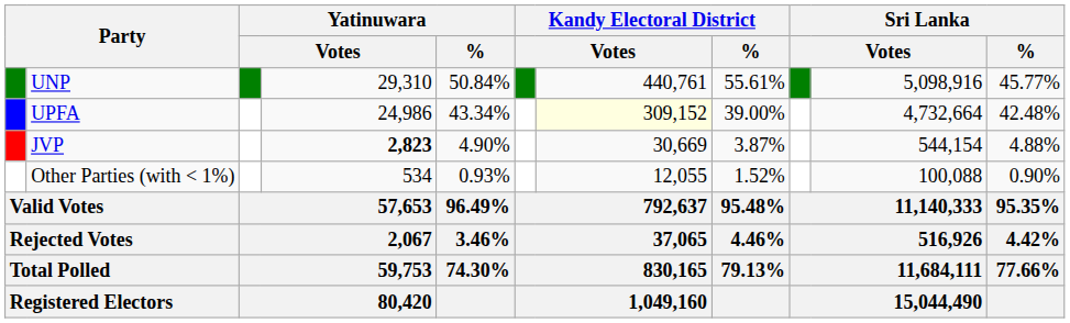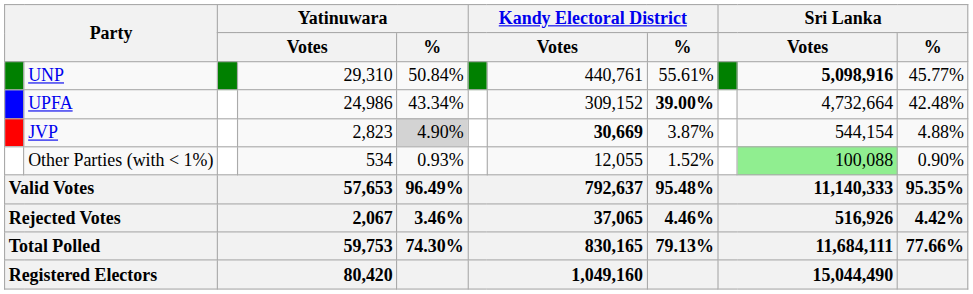 <table class="wikitable">
 <tr>
 <th colspan="2" width="144px"rowspan="2">Party</th>
 <th colspan="3" width="216px">Yatinuwara</th>
 <th colspan="3" width="216px"><a href='#'>Kandy Electoral District</a></th>
 <th colspan="3" width="216px">Sri Lanka</th>
 </tr>
 <tr>
 <th colspan="2" width="144px">Votes</th>
 <th>%</th>
 <th colspan="2" width="144px">Votes</th>
 <th>%</th>
 <th colspan="2" width="144px">Votes</th>
 <th>%</th>
 </tr>
 <tr>
 <td style="background-color:green;" width="10px"></td>
 <td style="text-align:left;"><a href='#'>UNP</a></td>
 <td style="background-color:green;" width="10px"></td>
 <td style="text-align:right;">29,310</td>
 <td style="text-align:right;">50.84%</td>
 <td style="background-color:green;" width="10px"></td>
 <td style="text-align:right;">440,761</td>
 <td style="text-align:right;">55.61%</td>
 <td style="background-color:green;" width="10px"></td>
-<td style="text-align:right;">5,098,916</td>
+<td style="text-align:right;"><strong>5,098,916</strong></td>
 <td style="text-align:right;">45.77%</td>
 </tr>
 <tr>
 <td style="background-color:blue;" width="10px"></td>
 <td style="text-align:left;"><a href='#'>UPFA</a></td>
 <td style="background-color:white;" width="10px"></td>
 <td style="text-align:right;">24,986</td>
 <td style="text-align:right;">43.34%</td>
 <td style="background-color:white;" width="10px"></td>
-<td style="background: lightyellow; text-align:right;">309,152</td>
-<td style="text-align:right;">39.00%</td>
+<td style="text-align:right;">309,152</td>
+<td style="text-align:right;"><strong>39.00%</strong></td>
 <td style="background-color:white;" width="10px"></td>
 <td style="text-align:right;">4,732,664</td>
 <td style="text-align:right;">42.48%</td>
 </tr>
 <tr>
 <td style="background-color:red;" width="10px"></td>
 <td style="text-align:left;"><a href='#'>JVP</a></td>
 <td style="background-color:white;" width="10px"></td>
-<td style="text-align:right;"><strong>2,823</strong></td>
-<td style="text-align:right;">4.90%</td>
+<td style="text-align:right;">2,823</td>
+<td style="background: lightgrey; text-align:right;">4.90%</td>
 <td style="background-color:white;" width="10px"></td>
-<td style="text-align:right;">30,669</td>
+<td style="text-align:right;"><strong>30,669</strong></td>
 <td style="text-align:right;">3.87%</td>
 <td style="background-color:white;" width="10px"></td>
 <td style="text-align:right;">544,154</td>
 <td style="text-align:right;">4.88%</td>
 </tr>
 <tr>
 <td style="background-color:white;" width="10px"></td>
 <td style="text-align:left;">Other Parties (with < 1%)</td>
 <td style="background-color:white;" width="10px"></td>
 <td style="text-align:right;">534</td>
 <td style="text-align:right;">0.93%</td>
 <td style="background-color:white;" width="10px"></td>
 <td style="text-align:right;">12,055</td>
 <td style="text-align:right;">1.52%</td>
 <td style="background-color:white;" width="10px"></td>
-<td style="text-align:right;">100,088</td>
+<td style="background: lightgreen; text-align:right;">100,088</td>
 <td style="text-align:right;">0.90%</td>
 </tr>
 <tr>
 <th colspan="2" width="144px"style="text-align:left;">Valid Votes</th>
 <th style="text-align:right;"colspan="2" width="144px">57,653</th>
 <th style="text-align:right;">96.49%</th>
 <th style="text-align:right;"colspan="2" width="144px">792,637</th>
 <th style="text-align:right;">95.48%</th>
 <th style="text-align:right;"colspan="2" width="144px">11,140,333</th>
 <th style="text-align:right;">95.35%</th>
 </tr>
 <tr>
 <th colspan="2" width="144px"style="text-align:left;">Rejected Votes</th>
 <th style="text-align:right;"colspan="2" width="144px">2,067</th>
 <th style="text-align:right;">3.46%</th>
 <th style="text-align:right;"colspan="2" width="144px">37,065</th>
 <th style="text-align:right;">4.46%</th>
 <th style="text-align:right;"colspan="2" width="144px">516,926</th>
 <th style="text-align:right;">4.42%</th>
 </tr>
 <tr>
 <th colspan="2" width="144px"style="text-align:left;">Total Polled</th>
 <th style="text-align:right;"colspan="2" width="144px">59,753</th>
 <th style="text-align:right;">74.30%</th>
 <th style="text-align:right;"colspan="2" width="144px">830,165</th>
 <th style="text-align:right;">79.13%</th>
 <th style="text-align:right;"colspan="2" width="144px">11,684,111</th>
 <th style="text-align:right;">77.66%</th>
 </tr>
 <tr>
 <th colspan="2" width="144px"style="text-align:left;">Registered Electors</th>
 <th style="text-align:right;"colspan="2" width="144px">80,420</th>
 <th></th>
 <th style="text-align:right;"colspan="2" width="144px">1,049,160</th>
 <th></th>
 <th style="text-align:right;"colspan="2" width="144px">15,044,490</th>
 <th></th>
 </tr>
 </table>
